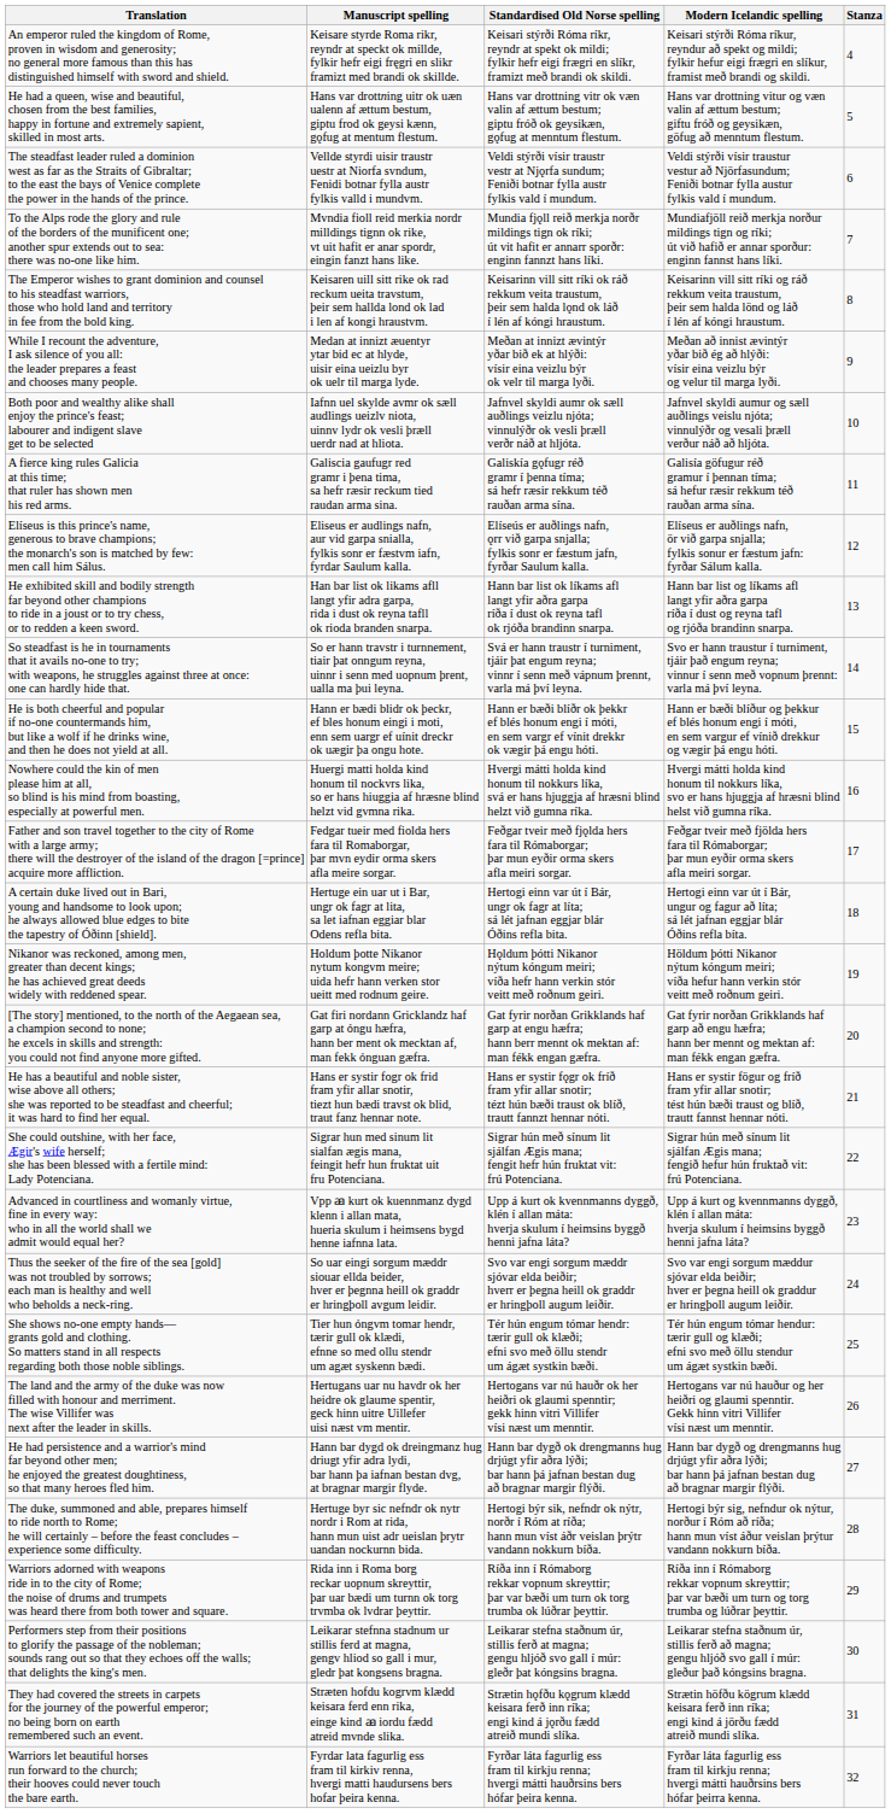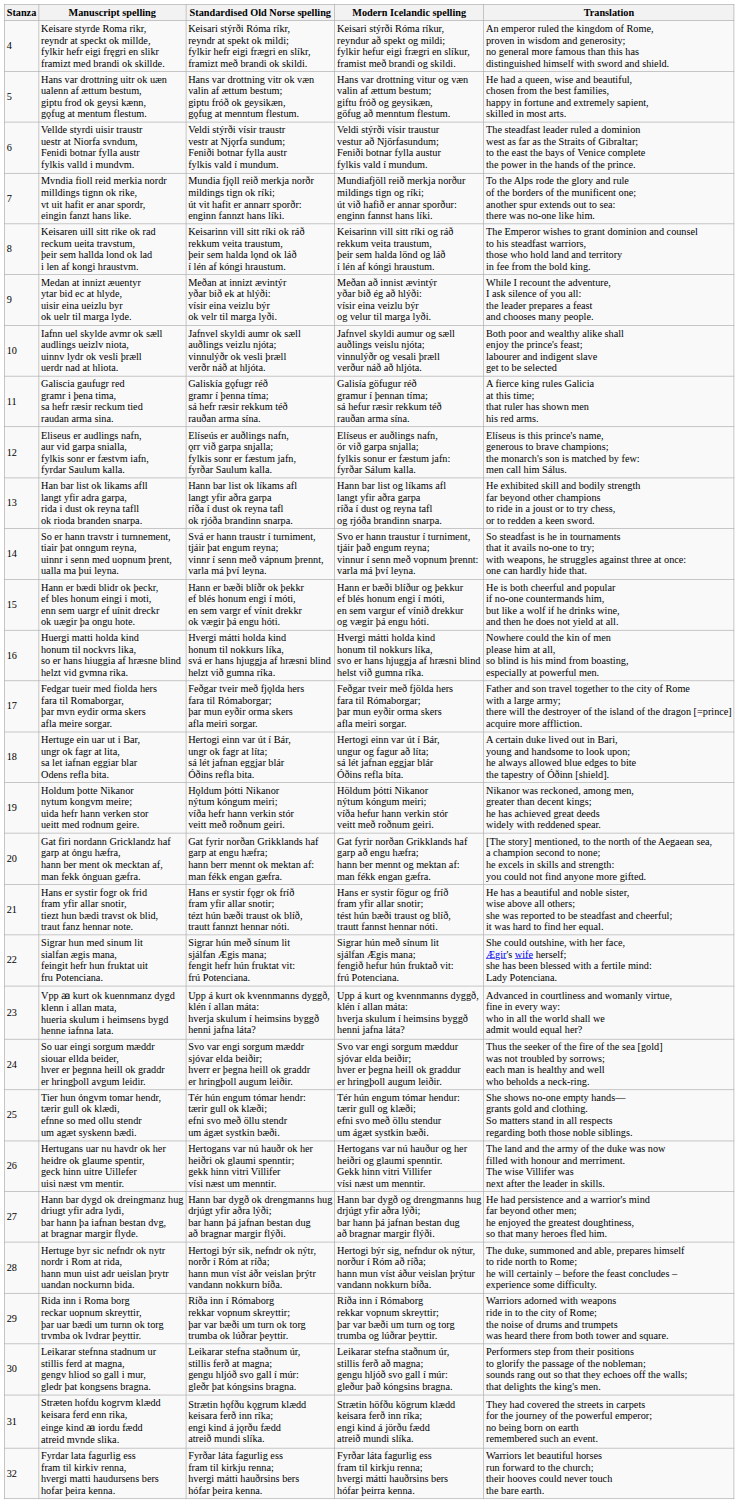 <table class="wikitable">
 <tr>
-<th>Translation</th>
+<th>Stanza</th>
 <th>Manuscript spelling</th>
 <th>Standardised Old Norse spelling</th>
 <th>Modern Icelandic spelling</th>
-<th>Stanza</th>
+<th>Translation</th>
 </tr>
 <tr>
-<td>An emperor ruled the kingdom of Rome,<br>proven in wisdom and generosity;<br>no general more famous than this has<br>distinguished himself with sword and shield.</td>
+<td>4</td>
 <td>Keisare styrde Roma rikr,<br>reyndr at speckt ok millde,<br>fylkir hefr eigi fręgri en slikr<br>framizt med brandi ok skillde.</td>
 <td>Keisari stýrði Róma ríkr,<br>reyndr at spekt ok mildi;<br>fylkir hefr eigi frægri en slíkr,<br>framizt með brandi ok skildi.</td>
 <td>Keisari stýrði Róma ríkur,<br>reyndur að spekt og mildi;<br>fylkir hefur eigi frægri en slíkur,<br>framist með brandi og skildi.</td>
-<td>4</td>
+<td>An emperor ruled the kingdom of Rome,<br>proven in wisdom and generosity;<br>no general more famous than this has<br>distinguished himself with sword and shield.</td>
 </tr>
 <tr>
-<td>He had a queen, wise and beautiful,<br>chosen from the best families,<br>happy in fortune and extremely sapient,<br>skilled in most arts.</td>
+<td>5</td>
 <td>Hans var drott<em>n</em>ing uitr ok uæn<br>ualenn af ættum bestum,<br>giptu frod ok geysi kænn,<br>gǫfug at mentum flestum.</td>
 <td>Hans var drottning vitr ok væn<br>valin af ættum bestum;<br>giptu fróð ok geysikæn,<br>gǫfug at menntum flestum.</td>
 <td>Hans var drottning vitur og væn<br>valin af ættum bestum;<br>giftu fróð og geysikæn,<br>göfug að menntum flestum.</td>
-<td>5</td>
+<td>He had a queen, wise and beautiful,<br>chosen from the best families,<br>happy in fortune and extremely sapient,<br>skilled in most arts.</td>
 </tr>
 <tr>
-<td>The steadfast leader ruled a dominion<br>west as far as the Straits of Gibraltar;<br>to the east the bays of Venice complete<br>the power in the hands of the prince.</td>
+<td>6</td>
 <td>Vellde styrdi uisir traustr<br>uestr at Niorfa svndum,<br>Fenidi botnar fylla austr<br>fylkis valld i mundvm.</td>
 <td>Veldi stýrði vísir traustr<br>vestr at Njǫrfa sundum;<br>Feniði botnar fylla austr<br>fylkis vald í mundum.</td>
 <td>Veldi stýrði vísir traustur<br>vestur að Njörfasundum;<br>Feniði botnar fylla austur<br>fylkis vald í mundum.</td>
-<td>6</td>
+<td>The steadfast leader ruled a dominion<br>west as far as the Straits of Gibraltar;<br>to the east the bays of Venice complete<br>the power in the hands of the prince.</td>
 </tr>
 <tr>
-<td>To the Alps rode the glory and rule<br>of the borders of the munificent one;<br>another spur extends out to sea:<br>there was no-one like him.</td>
+<td>7</td>
 <td>Mvndia fioll reid merkia nordr<br>milldings tignn ok rike,<br>vt uit hafit er anar spordr,<br>eingin fanzt hans like.</td>
 <td>Mundia fjǫll reið merkja norðr<br>mildings tign ok ríki;<br>út vit hafit er annarr sporðr:<br>enginn fannzt hans líki.</td>
 <td>Mundiafjöll reið merkja norður<br>mildings tign og ríki;<br>út við hafið er annar sporður:<br>enginn fannst hans líki.</td>
-<td>7</td>
+<td>To the Alps rode the glory and rule<br>of the borders of the munificent one;<br>another spur extends out to sea:<br>there was no-one like him.</td>
 </tr>
 <tr>
-<td>The Emperor wishes to grant dominion and counsel<br>to his steadfast warriors,<br>those who hold land and territory<br>in fee from the bold king.</td>
+<td>8</td>
 <td>Keisaren uill sitt rike ok rad<br>reckum ueita travstum,<br>þeir sem hallda lond ok lad<br>i len af kongi hraustvm.</td>
 <td>Keisarinn vill sitt ríki ok ráð<br>rekkum veita traustum,<br>þeir sem halda lǫnd ok láð<br>í lén af kóngi hraustum.</td>
 <td>Keisarinn vill sitt ríki og ráð<br>rekkum veita traustum,<br>þeir sem halda lönd og láð<br>í lén af kóngi hraustum.</td>
-<td>8</td>
+<td>The Emperor wishes to grant dominion and counsel<br>to his steadfast warriors,<br>those who hold land and territory<br>in fee from the bold king.</td>
 </tr>
 <tr>
-<td>While I recount the adventure,<br>I ask silence of you all:<br>the leader prepares a feast<br>and chooses many people.</td>
+<td>9</td>
 <td>Medan at innizt æuentyr<br>ytar bid ec at hlyde,<br>uisir eina ueizlu byr<br>ok uelr til marga lyde.</td>
 <td>Meðan at innizt ævintýr<br>yðar bið ek at hlýði:<br>vísir eina veizlu býr<br>ok velr til marga lyði.</td>
 <td>Meðan að innist ævintýr<br>yðar bið ég að hlýði:<br>vísir eina veizlu býr<br>og velur til marga lyði.</td>
-<td>9</td>
+<td>While I recount the adventure,<br>I ask silence of you all:<br>the leader prepares a feast<br>and chooses many people.</td>
 </tr>
 <tr>
-<td>Both poor and wealthy alike shall<br>enjoy the prince's feast;<br>labourer and indigent slave<br>get to be selected</td>
+<td>10</td>
 <td>Iafnn uel skylde avmr ok sæll<br>audlings ueizlv niota,<br>uinnv lydr ok vesli þræll<br>uerdr nad at hliota.</td>
 <td>Jafnvel skyldi aumr ok sæll<br>auðlings veizlu njóta;<br>vinnulýðr ok vesli þræll<br>verðr náð at hljóta.</td>
 <td>Jafnvel skyldi aumur og sæll<br>auðlings veislu njóta;<br>vinnulýðr og vesali þræll<br>verður náð að hljóta.</td>
-<td>10</td>
+<td>Both poor and wealthy alike shall<br>enjoy the prince's feast;<br>labourer and indigent slave<br>get to be selected</td>
 </tr>
 <tr>
-<td>A fierce king rules Galicia<br>at this time;<br>that ruler has shown  men<br>his red arms.</td>
+<td>11</td>
 <td>Galiscia gaufugr red<br>gramr i þena tima,<br>sa hefr ræsir reckum tied<br>raudan arma sina.</td>
 <td>Galiskía gǫfugr réð<br>gramr í þenna tíma;<br>sá hefr ræsir rekkum téð<br>rauðan arma sína.</td>
 <td>Galisía göfugur réð<br>gramur í þennan tíma;<br>sá hefur ræsir rekkum téð<br>rauðan arma sína.</td>
-<td>11</td>
+<td>A fierce king rules Galicia<br>at this time;<br>that ruler has shown  men<br>his red arms.</td>
 </tr>
 <tr>
-<td>Elíseus is this prince's name,<br>generous to brave champions;<br>the monarch's son is matched by few:<br>men call him Sálus.</td>
+<td>12</td>
 <td>Eliseus er audlings nafn,<br>aur vid garpa snialla,<br>fylkis sonr er fæstvm iafn,<br>fyrdar Saulum kalla.</td>
 <td>Elíseús er auðlings nafn,<br>ǫrr við garpa snjalla;<br>fylkis sonr er fæstum jafn,<br>fyrðar Saulum kalla.</td>
 <td>Elíseus er auðlings nafn,<br>ör við garpa snjalla;<br>fylkis sonur er fæstum jafn:<br>fyrðar Sálum kalla.</td>
-<td>12</td>
+<td>Elíseus is this prince's name,<br>generous to brave champions;<br>the monarch's son is matched by few:<br>men call him Sálus.</td>
 </tr>
 <tr>
-<td>He exhibited skill and bodily strength<br>far beyond other champions<br>to ride in a joust or to try chess,<br>or to redden a keen sword.</td>
+<td>13</td>
 <td>Han bar list ok likams afll<br>langt yfir adra garpa,<br>rida i dust ok reyna tafll<br>ok rioda branden snarpa.</td>
 <td>Hann bar list ok líkams afl<br>langt yfir aðra garpa<br>ríða í dust ok reyna tafl<br>ok rjóða brandinn snarpa.</td>
 <td>Hann bar list og líkams afl<br>langt yfir aðra garpa<br>ríða í dust og reyna tafl<br>og rjóða brandinn snarpa.</td>
-<td>13</td>
+<td>He exhibited skill and bodily strength<br>far beyond other champions<br>to ride in a joust or to try chess,<br>or to redden a keen sword.</td>
 </tr>
 <tr>
-<td>So steadfast is he in tournaments<br>that it avails no-one to try;<br>with weapons, he struggles against three at once:<br>one can hardly hide that.</td>
+<td>14</td>
 <td>So er hann travstr i turnnement,<br>tiair þat onngum reyna,<br>uinnr i senn med uopnum þrent,<br>ualla ma þui leyna.</td>
 <td>Svá er hann traustr í turniment,<br>tjáir þat engum reyna;<br>vinnr í senn með vápnum þrennt,<br>varla má því leyna.</td>
 <td>Svo er hann traustur í turniment,<br>tjáir það engum reyna;<br>vinnur í senn með vopnum þrennt:<br>varla má því leyna.</td>
-<td>14</td>
+<td>So steadfast is he in tournaments<br>that it avails no-one to try;<br>with weapons, he struggles against three at once:<br>one can hardly hide that.</td>
 </tr>
 <tr>
-<td>He is both cheerful and popular<br>if no-one countermands him,<br>but like a wolf if he drinks wine,<br>and then he does not yield at all.</td>
+<td>15</td>
 <td>Hann er bædi blidr ok þeckr,<br>ef bles honum eingi i moti,<br>enn sem uargr ef uínit dreckr<br>ok uægir þa ongu hote.</td>
 <td>Hann er bæði blíðr ok þekkr<br>ef blés honum engi í móti,<br>en sem vargr ef vínit drekkr<br>ok vægir þá engu hóti.</td>
 <td>Hann er bæði blíður og þekkur<br>ef blés honum engi í móti,<br>en sem vargur ef vínið drekkur<br>og vægir þá engu hóti.</td>
-<td>15</td>
+<td>He is both cheerful and popular<br>if no-one countermands him,<br>but like a wolf if he drinks wine,<br>and then he does not yield at all.</td>
 </tr>
 <tr>
-<td>Nowhere could the kin of men<br>please him at all,<br>so blind is his mind from boasting,<br>especially at powerful men.</td>
+<td>16</td>
 <td>Huergi matti holda kind<br>honum til nockvrs lika,<br>so er hans hiuggia af hræsne blind<br>helzt vid gvmna rika.</td>
 <td>Hvergi mátti holda kind<br>honum til nokkurs líka,<br>svá er hans hjuggja af hræsni blind<br>helzt við gumna ríka.</td>
 <td>Hvergi mátti holda kind<br>honum til nokkurs líka,<br>svo er hans hjuggja af hræsni blind<br>helst við gumna ríka.</td>
-<td>16</td>
+<td>Nowhere could the kin of men<br>please him at all,<br>so blind is his mind from boasting,<br>especially at powerful men.</td>
 </tr>
 <tr>
-<td>Father and son travel together to the city of Rome<br>with a large army;<br>there will the destroyer of the island of the dragon [=prince]<br>acquire more affliction.</td>
+<td>17</td>
 <td>Fedgar tueir med fiolda hers<br>fara til Romaborgar,<br>þar mvn eydir orma skers<br>afla meire sorgar.</td>
 <td>Feðgar tveir með fjǫlda hers<br>fara til Rómaborgar;<br>þar mun eyðir orma skers<br>afla meiri sorgar.</td>
 <td>Feðgar tveir með fjölda hers<br>fara til Rómaborgar;<br>þar mun eyðir orma skers<br>afla meiri sorgar.</td>
-<td>17</td>
+<td>Father and son travel together to the city of Rome<br>with a large army;<br>there will the destroyer of the island of the dragon [=prince]<br>acquire more affliction.</td>
 </tr>
 <tr>
-<td>A certain duke lived out in Bari,<br>young and handsome to look upon;<br>he always allowed blue edges to bite<br>the tapestry of Óðinn [shield].</td>
+<td>18</td>
 <td>Hertuge ein uar ut i Bar,<br>ungr ok fagr at lita,<br>sa let iafnan eggiar blar<br>Odens refla bita.</td>
 <td>Hertogi einn var út í Bár,<br>ungr ok fagr at líta;<br>sá lét jafnan eggjar blár<br>Óðins refla bita.</td>
 <td>Hertogi einn var út í Bár,<br>ungur og fagur að líta;<br>sá lét jafnan eggjar blár<br>Óðins refla bíta.</td>
-<td>18</td>
+<td>A certain duke lived out in Bari,<br>young and handsome to look upon;<br>he always allowed blue edges to bite<br>the tapestry of Óðinn [shield].</td>
 </tr>
 <tr>
-<td>Nikanor was reckoned, among men,<br>greater than decent kings;<br>he has achieved great deeds<br>widely with reddened spear.</td>
+<td>19</td>
 <td>Holdum þotte Nikanor<br>nytum kongvm meire;<br>uida hefr hann verken stor<br>ueitt med rodnum geire.</td>
 <td>Hǫldum þótti Nikanor<br>nýtum kóngum meiri;<br>víða hefr hann verkin stór<br>veitt með roðnum geiri.</td>
 <td>Höldum þótti Nikanor<br>nýtum kóngum meiri;<br>víða hefur hann verkin stór<br>veitt með roðnum geiri.</td>
-<td>19</td>
+<td>Nikanor was reckoned, among men,<br>greater than decent kings;<br>he has achieved great deeds<br>widely with reddened spear.</td>
 </tr>
 <tr>
-<td>[The story] mentioned, to the north of the Aegaean sea,<br>a champion second to none;<br>he excels in skills and strength:<br>you could not find anyone more gifted.</td>
+<td>20</td>
 <td>Gat firi nordann Gricklandz haf<br>garp at ỏngu hæfra,<br>hann ber ment ok mecktan af,<br>man fekk ỏnguan gæfra.</td>
 <td>Gat fyrir norðan Grikklands haf<br>garp at engu hæfra;<br>hann berr mennt ok mektan af:<br>man fékk engan gæfra.</td>
 <td>Gat fyrir norðan Grikklands haf<br>garp að engu hæfra;<br>hann ber mennt og mektan af:<br>man fékk engan gæfra.</td>
-<td>20</td>
+<td>[The story] mentioned, to the north of the Aegaean sea,<br>a champion second to none;<br>he excels in skills and strength:<br>you could not find anyone more gifted.</td>
 </tr>
 <tr>
-<td>He has a beautiful and noble sister,<br>wise above all others;<br>she was reported to be steadfast and cheerful;<br>it was hard to find her equal.</td>
+<td>21</td>
 <td>Hans er systir fogr ok frid<br>fram yfir allar snotir,<br>tiezt hun bædi travst ok blid,<br>traut fanz hennar note.</td>
 <td>Hans er systir fǫgr ok fríð<br>fram yfir allar snotir;<br>tézt hún bæði traust ok blíð,<br>trautt fannzt hennar nóti.</td>
 <td>Hans er systir fögur og fríð<br>fram yfir allar snotir;<br>tést hún bæði traust og blíð,<br>trautt fannst hennar nóti.</td>
-<td>21</td>
+<td>He has a beautiful and noble sister,<br>wise above all others;<br>she was reported to be steadfast and cheerful;<br>it was hard to find her equal.</td>
 </tr>
 <tr>
-<td>She could outshine, with her face,<br><a href='#'>Ægir</a>'s <a href='#'>wife</a> herself;<br>she has been blessed with a fertile mind:<br>Lady Potenciana.</td>
+<td>22</td>
 <td>Sigrar hun med sinum lit<br>sialfan ægis mana,<br>feingit hefr hun fruktat uit<br>fru Potenciana.</td>
 <td>Sigrar hún með sínum lit<br>sjálfan Ægis mana;<br>fengit hefr hún fruktat vit:<br>frú Potenciana.</td>
 <td>Sigrar hún með sínum lit<br>sjálfan Ægis mana;<br>fengið hefur hún fruktað vit:<br>frú Potenciana.</td>
-<td>22</td>
+<td>She could outshine, with her face,<br><a href='#'>Ægir</a>'s <a href='#'>wife</a> herself;<br>she has been blessed with a fertile mind:<br>Lady Potenciana.</td>
 </tr>
 <tr>
-<td>Advanced in courtliness and womanly virtue,<br>fine in every way:<br>who in all the world shall we<br>admit would equal her?</td>
+<td>23</td>
 <td>Vpp ꜳ kurt ok kuennmanz dygd<br>klenn i allan mata,<br>hueria skulum i heimsens bygd<br>henne iafnna lata.</td>
 <td>Upp á kurt ok kvennmanns dyggð,<br>klén í allan máta:<br>hverja skulum í heimsins byggð<br>henni jafna láta?</td>
 <td>Upp á kurt og kvennmanns dyggð,<br>klén í allan máta:<br>hverja skulum í heimsins byggð<br>henni jafna láta?</td>
-<td>23</td>
+<td>Advanced in courtliness and womanly virtue,<br>fine in every way:<br>who in all the world shall we<br>admit would equal her?</td>
 </tr>
 <tr>
-<td>Thus the seeker of the fire of the sea [gold]<br>was not troubled by sorrows;<br>each man is healthy and well<br>who beholds a neck-ring.</td>
+<td>24</td>
 <td>So uar eingi sorgum mæddr<br>siouar ellda beider,<br>hver er þegnna heill ok graddr<br>er hringþoll avgum leidir.</td>
 <td>Svo var engi sorgum mæddr<br>sjóvar elda beiðir;<br>hverr er þegna heill ok graddr<br>er hringþoll augum leiðir.</td>
 <td>Svo var engi sorgum mæddur<br>sjóvar elda beiðir;<br>hver er þegna heill ok graddur<br>er hringþoll augum leiðir.</td>
-<td>24</td>
+<td>Thus the seeker of the fire of the sea [gold]<br>was not troubled by sorrows;<br>each man is healthy and well<br>who beholds a neck-ring.</td>
 </tr>
 <tr>
-<td>She shows no-one empty hands—<br>grants gold and clothing.<br>So matters stand in all respects<br>regarding both those noble siblings.</td>
+<td>25</td>
 <td>Tier hun ỏngvm tomar hendr,<br>tærir gull ok klædi,<br>efnne so med ollu stendr<br>um agæt syskenn bædi.</td>
 <td>Tér hún engum tómar hendr:<br>tærir gull ok klæði;<br>efni svo með öllu stendr<br>um ágæt systkin bæði.</td>
 <td>Tér hún engum tómar hendur:<br>tærir gull og klæði;<br>efni svo með öllu stendur<br>um ágæt systkin bæði.</td>
-<td>25</td>
+<td>She shows no-one empty hands—<br>grants gold and clothing.<br>So matters stand in all respects<br>regarding both those noble siblings.</td>
 </tr>
 <tr>
-<td>The land and the army of the duke was now<br>filled with honour and merriment.<br>The wise Villifer was<br>next after the leader in skills.</td>
+<td>26</td>
 <td>Hertugans uar nu havdr ok her<br>heidre ok glaume spentir,<br>geck hinn uitre Uillefer<br>uisi næst vm mentir.</td>
 <td>Hertogans var nú hauðr ok her<br>heiðri ok glaumi spenntir;<br>gekk hinn vitri Villifer<br>vísi næst um menntir.</td>
 <td>Hertogans var nú hauður og her<br>heiðri og glaumi spenntir.<br>Gekk hinn vitri Villifer<br>vísi næst um menntir.</td>
-<td>26</td>
+<td>The land and the army of the duke was now<br>filled with honour and merriment.<br>The wise Villifer was<br>next after the leader in skills.</td>
 </tr>
 <tr>
-<td>He had persistence and a warrior's mind<br>far beyond other men;<br>he enjoyed the greatest doughtiness,<br>so that many heroes fled him.</td>
+<td>27</td>
 <td>Hann bar dygd ok dreingmanz hug<br>driugt yfir adra lydi,<br>bar hann þa iafnan bestan dvg,<br>at bragnar margir flyde.</td>
 <td>Hann bar dygð ok drengmanns hug<br>drjúgt yfir aðra lýði;<br>bar hann þá jafnan bestan dug<br>að bragnar margir flýði.</td>
 <td>Hann bar dygð og drengmanns hug<br>drjúgt yfir aðra lýði;<br>bar hann þá jafnan bestan dug<br>að bragnar margir flýði.</td>
-<td>27</td>
+<td>He had persistence and a warrior's mind<br>far beyond other men;<br>he enjoyed the greatest doughtiness,<br>so that many heroes fled him.</td>
 </tr>
 <tr>
-<td>The duke, summoned and able, prepares himself<br>to ride north to Rome;<br>he will certainly – before the feast concludes –<br>experience some difficulty.</td>
+<td>28</td>
 <td>Hertuge byr sic nefndr ok nytr<br>nordr i Rom at rida,<br>hann mun uist adr ueislan þrytr<br>uandan nockurnn bida.</td>
 <td>Hertogi býr sik, nefndr ok nýtr,<br>norðr í Róm at ríða;<br>hann mun víst áðr veislan þrýtr<br>vandann nokkurn bíða.</td>
 <td>Hertogi býr sig, nefndur ok nýtur,<br>norður í Róm að ríða;<br>hann mun víst áður veislan þrýtur<br>vandann nokkurn bíða.</td>
-<td>28</td>
+<td>The duke, summoned and able, prepares himself<br>to ride north to Rome;<br>he will certainly – before the feast concludes –<br>experience some difficulty.</td>
 </tr>
 <tr>
-<td>Warriors adorned with weapons<br>ride in to the city of Rome;<br>the noise of drums and trumpets<br>was heard there from both tower and square.</td>
+<td>29</td>
 <td>Rida inn i Roma borg<br>reckar uopnum skreyttir,<br>þar uar bædi um turnn ok torg<br>trvmba ok lvdrar þeyttir.</td>
 <td>Ríða inn í Rómaborg<br>rekkar vopnum skreyttir;<br>þar var bæði um turn ok torg<br>trumba ok lúðrar þeyttir.</td>
 <td>Ríða inn í Rómaborg<br>rekkar vopnum skreyttir;<br>þar var bæði um turn og torg<br>trumba og lúðrar þeyttir.</td>
-<td>29</td>
+<td>Warriors adorned with weapons<br>ride in to the city of Rome;<br>the noise of drums and trumpets<br>was heard there from both tower and square.</td>
 </tr>
 <tr>
-<td>Performers step from their positions<br>to glorify the passage of the nobleman;<br>sounds rang out so that they echoes off the walls;<br>that delights the king's men.</td>
+<td>30</td>
 <td>Leikarar stefnna stadnum ur<br>stillis ferd at magna,<br>gengv hliod so gall i mur,<br>gledr þat kongsens bragna.</td>
 <td>Leikarar stefna staðnum úr,<br>stillis ferð at magna;<br>gengu hljóð svo gall í múr:<br>gleðr þat kóngsins bragna.</td>
 <td>Leikarar stefna staðnum úr,<br>stillis ferð að magna;<br>gengu hljóð svo gall í múr:<br>gleður það kóngsins bragna.</td>
-<td>30</td>
+<td>Performers step from their positions<br>to glorify the passage of the nobleman;<br>sounds rang out so that they echoes off the walls;<br>that delights the king's men.</td>
 </tr>
 <tr>
-<td>They had covered the streets in carpets<br>for the journey of the powerful emperor;<br>no being born on earth<br>remembered such an event.</td>
+<td>31</td>
 <td>Stræten hofdu kogrvm klædd<br>keisara ferd enn rika,<br>einge kind ꜳ iordu fædd<br>atreid mvnde slika.</td>
 <td>Strætin hǫfðu kǫgrum klædd<br>keisara ferð inn ríka;<br>engi kind á jǫrðu fædd<br>atreið mundi slíka.</td>
 <td>Strætin höfðu kögrum klædd<br>keisara ferð inn ríka;<br>engi kind á jörðu fædd<br>atreið mundi slíka.</td>
-<td>31</td>
+<td>They had covered the streets in carpets<br>for the journey of the powerful emperor;<br>no being born on earth<br>remembered such an event.</td>
 </tr>
 <tr>
-<td>Warriors let beautiful horses<br>run forward to the church;<br>their hooves could never touch<br>the bare earth.</td>
+<td>32</td>
 <td>Fyrdar lata fagurlig ess<br>fram til kirkiv renna,<br>hvergi matti haudursens bers<br>hofar þeira kenna.</td>
 <td>Fyrðar láta fagurlig ess<br>fram til kirkju renna;<br>hvergi mátti hauðrsins bers<br>hófar þeira kenna.</td>
 <td>Fyrðar láta fagurlig ess<br>fram til kirkju renna;<br>hvergi mátti hauðrsins bers<br>hófar þeirra kenna.</td>
-<td>32</td>
+<td>Warriors let beautiful horses<br>run forward to the church;<br>their hooves could never touch<br>the bare earth.</td>
 </tr>
 </table>
